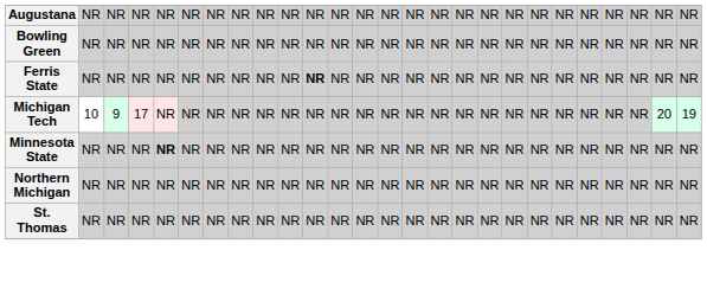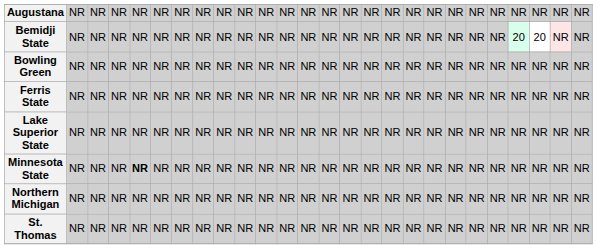 <table class="wikitable sortable" style="text-align: center;">
 <tr>
 </tr>
 <tr bgcolor=d0d0d0>
 <th>Augustana</th>
 <td>NR</td>
 <td>NR</td>
 <td>NR</td>
 <td>NR</td>
 <td>NR</td>
 <td>NR</td>
 <td>NR</td>
 <td>NR</td>
 <td>NR</td>
 <td>NR</td>
 <td>NR</td>
 <td>NR</td>
 <td>NR</td>
 <td>NR</td>
 <td>NR</td>
 <td>NR</td>
 <td>NR</td>
 <td>NR</td>
 <td>NR</td>
 <td>NR</td>
 <td>NR</td>
 <td>NR</td>
 <td>NR</td>
 <td>NR</td>
+<td>NR</td>
+</tr>
+<tr bgcolor=d0d0d0>
+<th>Bemidji State</th>
+<td>NR</td>
+<td>NR</td>
+<td>NR</td>
+<td>NR</td>
+<td>NR</td>
+<td>NR</td>
+<td>NR</td>
+<td>NR</td>
+<td>NR</td>
+<td>NR</td>
+<td>NR</td>
+<td>NR</td>
+<td>NR</td>
+<td>NR</td>
+<td>NR</td>
+<td>NR</td>
+<td>NR</td>
+<td>NR</td>
+<td>NR</td>
+<td>NR</td>
+<td>NR</td>
+<td bgcolor=D8FFEB>20</td>
+<td bgcolor=ffffff>20</td>
+<td bgcolor=FFE6E6>NR</td>
 <td>NR</td>
 </tr>
 <tr bgcolor=d0d0d0>
 <th>Bowling Green</th>
 <td>NR</td>
 <td>NR</td>
 <td>NR</td>
 <td>NR</td>
 <td>NR</td>
 <td>NR</td>
 <td>NR</td>
 <td>NR</td>
 <td>NR</td>
 <td>NR</td>
 <td>NR</td>
 <td>NR</td>
 <td>NR</td>
 <td>NR</td>
 <td>NR</td>
 <td>NR</td>
 <td>NR</td>
 <td>NR</td>
 <td>NR</td>
 <td>NR</td>
 <td>NR</td>
 <td>NR</td>
 <td>NR</td>
 <td>NR</td>
 <td>NR</td>
 </tr>
 <tr bgcolor=d0d0d0>
 <th>Ferris State</th>
 <td>NR</td>
 <td>NR</td>
 <td>NR</td>
 <td>NR</td>
 <td>NR</td>
 <td>NR</td>
 <td>NR</td>
 <td>NR</td>
 <td>NR</td>
-<td><strong>NR</strong></td>
+<td>NR</td>
 <td>NR</td>
 <td>NR</td>
 <td>NR</td>
 <td>NR</td>
 <td>NR</td>
 <td>NR</td>
 <td>NR</td>
 <td>NR</td>
 <td>NR</td>
 <td>NR</td>
 <td>NR</td>
 <td>NR</td>
 <td>NR</td>
 <td>NR</td>
 <td>NR</td>
 </tr>
 <tr bgcolor=d0d0d0>
-<th>Michigan Tech</th>
-<td bgcolor=ffffff>10</td>
-<td bgcolor=D8FFEB>9</td>
-<td bgcolor=FFE6E6>17</td>
-<td bgcolor=FFE6E6>NR</td>
+<th>Lake Superior State</th>
 <td>NR</td>
 <td>NR</td>
 <td>NR</td>
 <td>NR</td>
 <td>NR</td>
 <td>NR</td>
 <td>NR</td>
 <td>NR</td>
 <td>NR</td>
 <td>NR</td>
 <td>NR</td>
 <td>NR</td>
 <td>NR</td>
 <td>NR</td>
 <td>NR</td>
 <td>NR</td>
 <td>NR</td>
 <td>NR</td>
 <td>NR</td>
-<td bgcolor=D8FFEB>20</td>
-<td bgcolor=D8FFEB>19</td>
+<td>NR</td>
+<td>NR</td>
+<td>NR</td>
+<td>NR</td>
+<td>NR</td>
+<td>NR</td>
 </tr>
 <tr bgcolor=d0d0d0>
 <th>Minnesota State</th>
 <td>NR</td>
 <td>NR</td>
 <td>NR</td>
 <td><strong>NR</strong></td>
 <td>NR</td>
 <td>NR</td>
 <td>NR</td>
 <td>NR</td>
 <td>NR</td>
 <td>NR</td>
 <td>NR</td>
 <td>NR</td>
 <td>NR</td>
 <td>NR</td>
 <td>NR</td>
 <td>NR</td>
 <td>NR</td>
 <td>NR</td>
 <td>NR</td>
 <td>NR</td>
 <td>NR</td>
 <td>NR</td>
 <td>NR</td>
 <td>NR</td>
 <td>NR</td>
 </tr>
 <tr bgcolor=d0d0d0>
 <th>Northern Michigan</th>
 <td>NR</td>
 <td>NR</td>
 <td>NR</td>
 <td>NR</td>
 <td>NR</td>
 <td>NR</td>
 <td>NR</td>
 <td>NR</td>
 <td>NR</td>
 <td>NR</td>
 <td>NR</td>
 <td>NR</td>
 <td>NR</td>
 <td>NR</td>
 <td>NR</td>
 <td>NR</td>
 <td>NR</td>
 <td>NR</td>
 <td>NR</td>
 <td>NR</td>
 <td>NR</td>
 <td>NR</td>
 <td>NR</td>
 <td>NR</td>
 <td>NR</td>
 </tr>
 <tr bgcolor=d0d0d0>
 <th>St. Thomas</th>
 <td>NR</td>
 <td>NR</td>
 <td>NR</td>
 <td>NR</td>
 <td>NR</td>
 <td>NR</td>
 <td>NR</td>
 <td>NR</td>
 <td>NR</td>
 <td>NR</td>
 <td>NR</td>
 <td>NR</td>
 <td>NR</td>
 <td>NR</td>
 <td>NR</td>
 <td>NR</td>
 <td>NR</td>
 <td>NR</td>
 <td>NR</td>
 <td>NR</td>
 <td>NR</td>
 <td>NR</td>
 <td>NR</td>
 <td>NR</td>
 <td>NR</td>
 </tr>
 <tr>
 </tr>
 </table>
